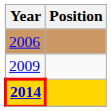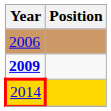 <table class="wikitable">
 <tr>
 <th>Year</th>
 <th>Position</th>
 </tr>
 <tr style="background:#c96;">
 <td> <a href='#'>2006</a></td>
 <td colspan = 6></td>
 </tr>
 <tr>
-<td> <a href='#'>2009</a></td>
+<td><strong> <a href='#'>2009</a></strong></td>
 <td colspan = 6></td>
 </tr>
 <tr style="background:gold;">
-<td style="border: 3px solid red"><strong> <a href='#'>2014</a></strong></td>
+<td style="border: 3px solid red"> <a href='#'>2014</a></td>
 <td colspan = 6></td>
 </tr>
 <tr>
 </tr>
 </table>
